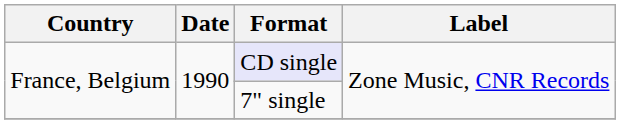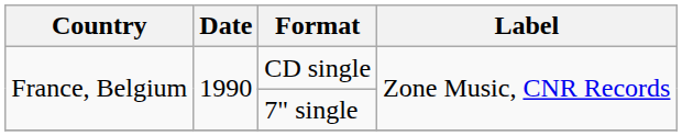 <table class=wikitable>
 <tr>
 <th>Country</th>
 <th>Date</th>
 <th>Format</th>
 <th>Label</th>
 </tr>
 <tr>
 <td rowspan="2">France, Belgium</td>
 <td rowspan="2">1990</td>
-<td style="background: lavender;">CD single</td>
+<td>CD single</td>
 <td rowspan="2">Zone Music, <a href='#'>CNR Records</a></td>
 </tr>
 <tr>
 <td>7" single</td>
 </tr>
 <tr>
 </tr>
 </table>
